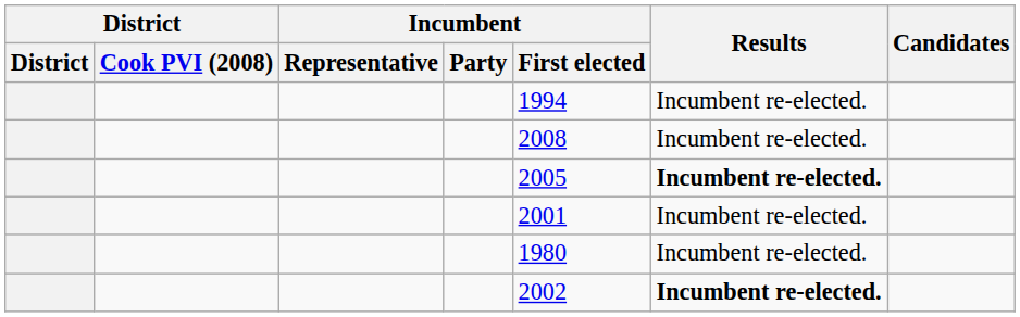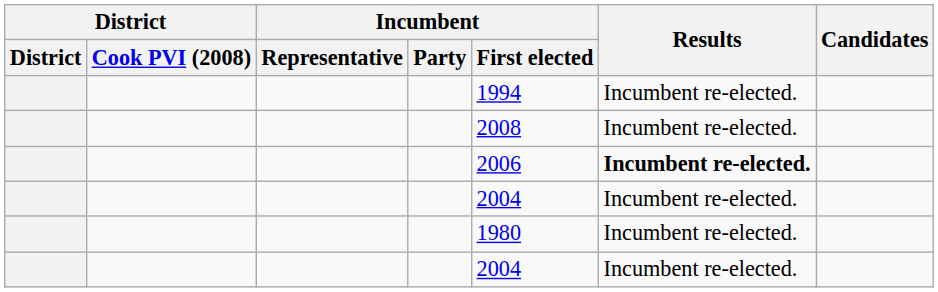 <table class="wikitable sortable">
 <tr>
 <th colspan=2>District</th>
 <th colspan=3>Incumbent</th>
 <th rowspan=2>Results</th>
 <th rowspan=2>Candidates</th>
 </tr>
 <tr valign=bottom>
 <th>District</th>
 <th><a href='#'>Cook PVI</a> (2008)</th>
 <th>Representative</th>
 <th>Party</th>
 <th>First elected</th>
 </tr>
 <tr>
 <th></th>
 <td></td>
 <td></td>
 <td></td>
 <td><a href='#'>1994</a></td>
 <td>Incumbent re-elected.</td>
 <td nowrap></td>
 </tr>
 <tr>
 <th></th>
 <td></td>
 <td></td>
 <td></td>
 <td><a href='#'>2008</a></td>
 <td>Incumbent re-elected.</td>
 <td nowrap></td>
 </tr>
 <tr>
 <th></th>
 <td></td>
 <td></td>
 <td></td>
-<td><a href='#'>2005</a></td>
+<td><a href='#'>2006</a></td>
 <td><strong>Incumbent re-elected.</strong></td>
 <td nowrap></td>
 </tr>
 <tr>
 <th></th>
 <td></td>
 <td></td>
 <td></td>
-<td><a href='#'>2001</a></td>
+<td><a href='#'>2004</a></td>
 <td>Incumbent re-elected.</td>
 <td nowrap></td>
 </tr>
 <tr>
 <th></th>
 <td></td>
 <td></td>
 <td></td>
 <td><a href='#'>1980</a></td>
 <td>Incumbent re-elected.</td>
 <td nowrap></td>
 </tr>
 <tr>
 <th></th>
 <td></td>
 <td></td>
 <td></td>
-<td><a href='#'>2002</a></td>
-<td><strong>Incumbent re-elected.</strong></td>
+<td><a href='#'>2004</a></td>
+<td>Incumbent re-elected.</td>
 <td nowrap></td>
 </tr>
 </table>
